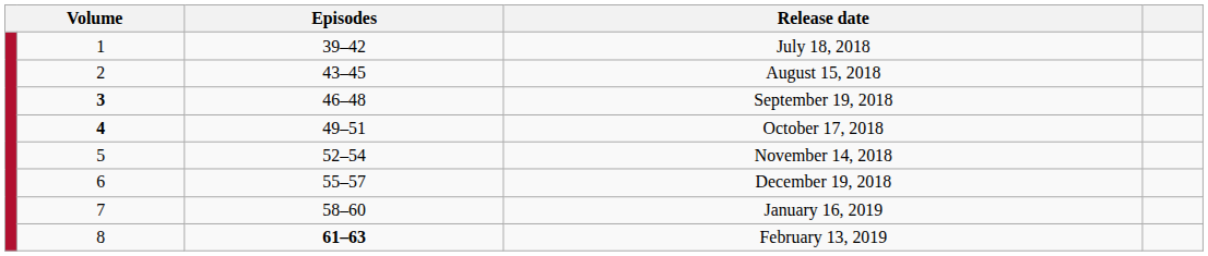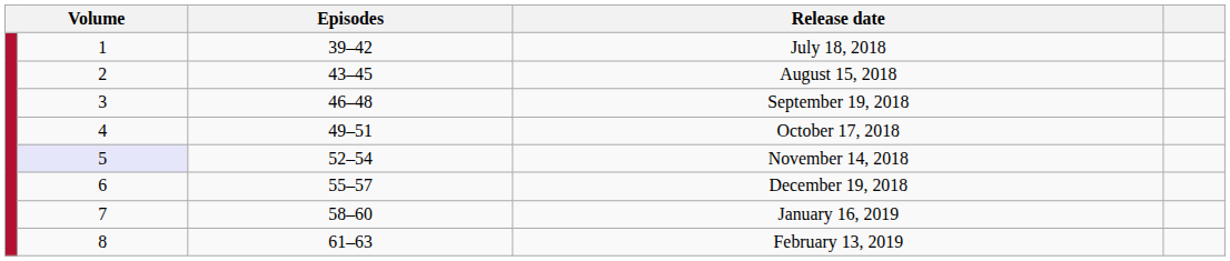 <table class="wikitable" style="text-align:center; width: 70%;">
 <tr>
 <th colspan="2" width="15%">Volume</th>
 <th>Episodes</th>
 <th>Release date</th>
 <th width="5%"></th>
 </tr>
 <tr>
 <td rowspan="8" width="1%" style="background: #B11030"></td>
 <td>1</td>
 <td>39–42</td>
 <td>July 18, 2018</td>
 <td></td>
 </tr>
 <tr>
 <td>2</td>
 <td>43–45</td>
 <td>August 15, 2018</td>
 <td></td>
 </tr>
 <tr>
-<td><strong>3</strong></td>
+<td>3</td>
 <td>46–48</td>
 <td>September 19, 2018</td>
 <td></td>
 </tr>
 <tr>
-<td><strong>4</strong></td>
+<td>4</td>
 <td>49–51</td>
 <td>October 17, 2018</td>
 <td></td>
 </tr>
 <tr>
-<td>5</td>
+<td style="background: lavender;">5</td>
 <td>52–54</td>
 <td>November 14, 2018</td>
 <td></td>
 </tr>
 <tr>
 <td>6</td>
 <td>55–57</td>
 <td>December 19, 2018</td>
 <td></td>
 </tr>
 <tr>
 <td>7</td>
 <td>58–60</td>
 <td>January 16, 2019</td>
 <td></td>
 </tr>
 <tr>
 <td>8</td>
-<td><strong>61–63</strong></td>
+<td>61–63</td>
 <td>February 13, 2019</td>
 <td></td>
 </tr>
 </table>
